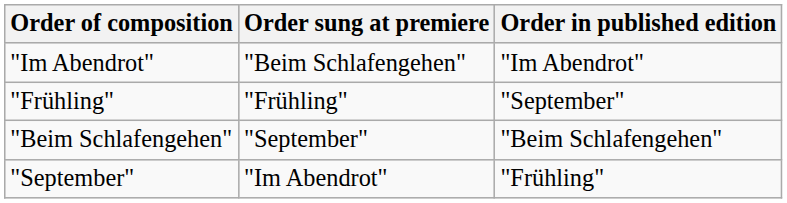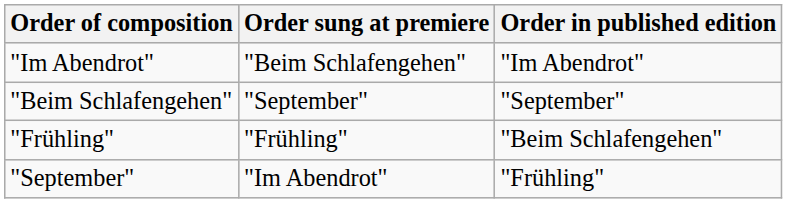 <table class="wikitable">
 <tr>
 <th>Order of composition</th>
 <th>Order sung at premiere</th>
 <th>Order in published edition</th>
 </tr>
 <tr>
 <td>"Im Abendrot"</td>
 <td>"Beim Schlafengehen"</td>
 <td>"Im Abendrot"</td>
 </tr>
 <tr>
-<td>"Frühling"</td>
-<td>"Frühling"</td>
+<td>"Beim Schlafengehen"</td>
+<td>"September"</td>
 <td>"September"</td>
 </tr>
 <tr>
-<td>"Beim Schlafengehen"</td>
-<td>"September"</td>
+<td>"Frühling"</td>
+<td>"Frühling"</td>
 <td>"Beim Schlafengehen"</td>
 </tr>
 <tr>
 <td>"September"</td>
 <td>"Im Abendrot"</td>
 <td>"Frühling"</td>
 </tr>
 </table>
